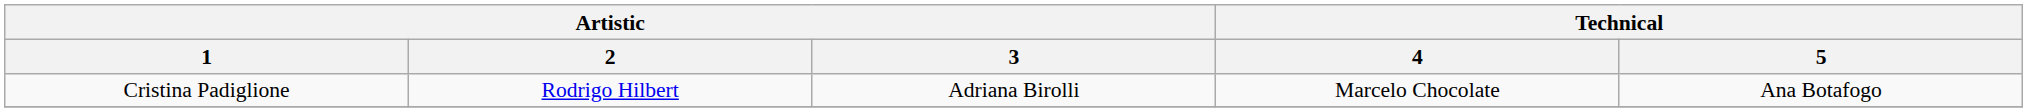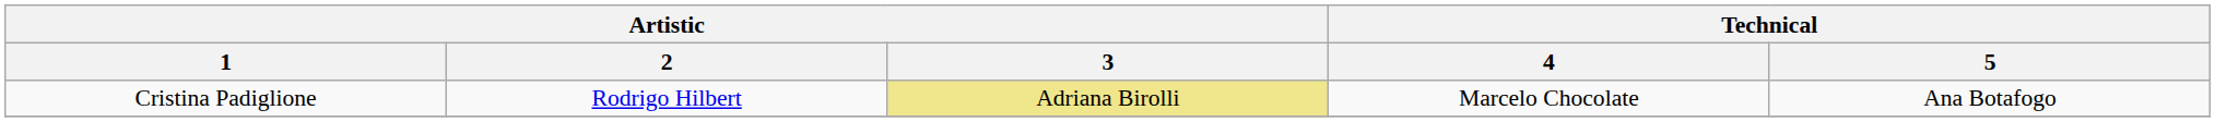 <table class="wikitable" style="font-size:90%; line-height:16px; text-align:center" width="85%">
 <tr>
 <th colspan=3>Artistic</th>
 <th colspan=2>Technical</th>
 </tr>
 <tr>
 <th>1</th>
 <th>2</th>
 <th>3</th>
 <th>4</th>
 <th>5</th>
 </tr>
 <tr>
 <td width=150>Cristina Padiglione</td>
 <td width=150><a href='#'>Rodrigo Hilbert</a></td>
-<td width=150>Adriana Birolli</td>
+<td width=150 style="background: khaki;">Adriana Birolli</td>
 <td width=150>Marcelo Chocolate</td>
 <td width=150>Ana Botafogo</td>
 </tr>
 <tr>
 </tr>
 </table>
